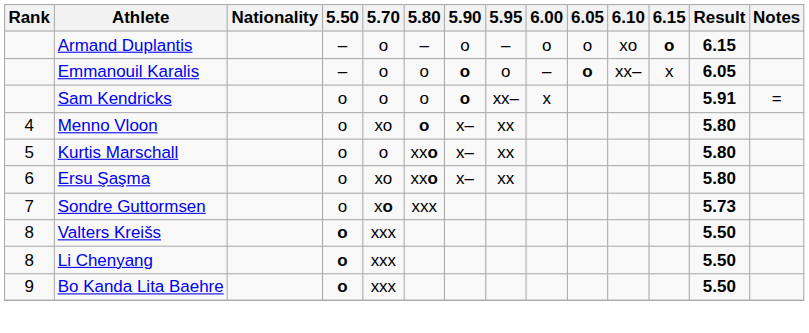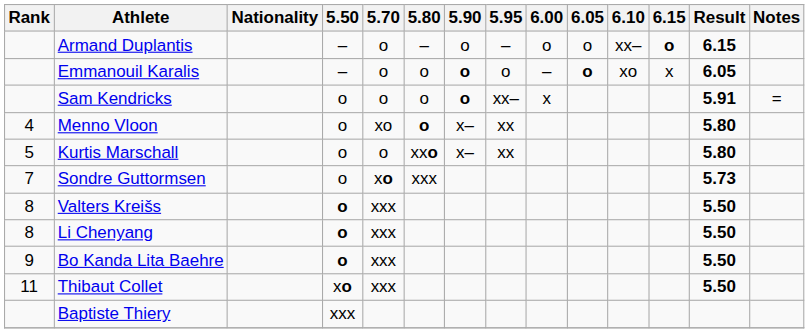 <table class="wikitable sortable" style="text-align:center">
 <tr>
 <th>Rank</th>
 <th>Athlete</th>
 <th>Nationality</th>
 <th>5.50</th>
 <th>5.70</th>
 <th>5.80</th>
 <th>5.90</th>
 <th>5.95</th>
 <th>6.00</th>
 <th>6.05</th>
 <th>6.10</th>
 <th>6.15</th>
 <th>Result</th>
 <th>Notes</th>
 </tr>
 <tr>
 <td></td>
 <td align="left"><a href='#'>Armand Duplantis</a></td>
 <td align="left"></td>
 <td>–</td>
 <td>o</td>
 <td>–</td>
 <td>o</td>
 <td>–</td>
 <td>o</td>
 <td>o</td>
-<td>xo</td>
+<td>xx–</td>
 <td><strong>o</strong></td>
 <td><strong>6.15</strong></td>
 <td></td>
 </tr>
 <tr>
 <td></td>
 <td align="left"><a href='#'>Emmanouil Karalis</a></td>
 <td align="left"></td>
 <td>–</td>
 <td>o</td>
 <td>o</td>
 <td><strong>o</strong></td>
 <td>o</td>
 <td>–</td>
 <td><strong>o</strong></td>
-<td>xx–</td>
+<td>xo</td>
 <td>x</td>
 <td><strong>6.05</strong></td>
 <td></td>
 </tr>
 <tr>
 <td></td>
 <td align="left"><a href='#'>Sam Kendricks</a></td>
 <td align="left"></td>
 <td>o</td>
 <td>o</td>
 <td>o</td>
 <td><strong>o</strong></td>
 <td>xx–</td>
 <td>x</td>
 <td></td>
 <td></td>
 <td></td>
 <td><strong>5.91</strong></td>
 <td>=</td>
 </tr>
 <tr>
 <td>4</td>
 <td align="left"><a href='#'>Menno Vloon</a></td>
 <td align="left"></td>
 <td>o</td>
 <td>xo</td>
 <td><strong>o</strong></td>
 <td>x–</td>
 <td>xx</td>
 <td></td>
 <td></td>
 <td></td>
 <td></td>
 <td><strong>5.80</strong></td>
 <td></td>
 </tr>
 <tr>
 <td>5</td>
 <td align="left"><a href='#'>Kurtis Marschall</a></td>
 <td align="left"></td>
 <td>o</td>
 <td>o</td>
-<td>xx<strong>o</strong></td>
-<td>x–</td>
-<td>xx</td>
-<td></td>
-<td></td>
-<td></td>
-<td></td>
-<td><strong>5.80</strong></td>
-<td></td>
-</tr>
-<tr>
-<td>6</td>
-<td align="left"><a href='#'>Ersu Şaşma</a></td>
-<td align="left"></td>
-<td>o</td>
-<td>xo</td>
 <td>xx<strong>o</strong></td>
 <td>x–</td>
 <td>xx</td>
 <td></td>
 <td></td>
 <td></td>
 <td></td>
 <td><strong>5.80</strong></td>
 <td></td>
 </tr>
 <tr>
 <td>7</td>
 <td align="left"><a href='#'>Sondre Guttormsen</a></td>
 <td align="left"></td>
 <td>o</td>
 <td>x<strong>o</strong></td>
 <td>xxx</td>
 <td></td>
 <td></td>
 <td></td>
 <td></td>
 <td></td>
 <td></td>
 <td><strong>5.73</strong></td>
 <td></td>
 </tr>
 <tr>
 <td>8</td>
 <td align="left"><a href='#'>Valters Kreišs</a></td>
 <td align="left"></td>
 <td><strong>o</strong></td>
 <td>xxx</td>
 <td></td>
 <td></td>
 <td></td>
 <td></td>
 <td></td>
 <td></td>
 <td></td>
 <td><strong>5.50</strong></td>
 <td></td>
 </tr>
 <tr>
 <td>8</td>
 <td align="left"><a href='#'>Li Chenyang</a></td>
 <td align="left"></td>
 <td><strong>o</strong></td>
 <td>xxx</td>
 <td></td>
 <td></td>
 <td></td>
 <td></td>
 <td></td>
 <td></td>
 <td></td>
 <td><strong>5.50</strong></td>
 <td></td>
 </tr>
 <tr>
 <td>9</td>
 <td align="left"><a href='#'>Bo Kanda Lita Baehre</a></td>
 <td align="left"></td>
 <td><strong>o</strong></td>
 <td>xxx</td>
 <td></td>
 <td></td>
 <td></td>
 <td></td>
 <td></td>
 <td></td>
 <td></td>
 <td><strong>5.50</strong></td>
 <td></td>
 </tr>
 <tr>
+<td>11</td>
+<td align="left"><a href='#'>Thibaut Collet</a></td>
+<td align="left"></td>
+<td>x<strong>o</strong></td>
+<td>xxx</td>
+<td></td>
+<td></td>
+<td></td>
+<td></td>
+<td></td>
+<td></td>
+<td></td>
+<td><strong>5.50</strong></td>
+<td></td>
+</tr>
+<tr>
+<td></td>
+<td align="left"><a href='#'>Baptiste Thiery</a></td>
+<td align="left"></td>
+<td>xxx</td>
+<td></td>
+<td></td>
+<td></td>
+<td></td>
+<td></td>
+<td></td>
+<td></td>
+<td></td>
+<td></td>
+<td></td>
+</tr>
+<tr>
 </tr>
 </table>
